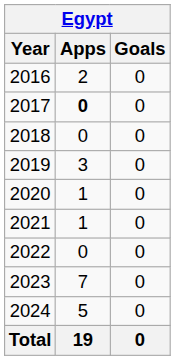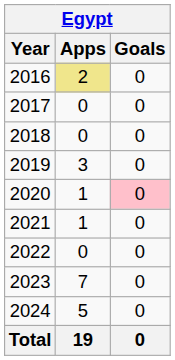 <table class="wikitable" style="text-align:center">
 <tr>
 <th colspan=3><a href='#'>Egypt</a></th>
 </tr>
 <tr>
 <th>Year</th>
 <th>Apps</th>
 <th>Goals</th>
 </tr>
 <tr>
 <td>2016</td>
-<td>2</td>
+<td style="background: khaki;">2</td>
 <td>0</td>
 </tr>
 <tr>
 <td>2017</td>
-<td><strong>0</strong></td>
+<td>0</td>
 <td>0</td>
 </tr>
 <tr>
 <td>2018</td>
 <td>0</td>
 <td>0</td>
 </tr>
 <tr>
 <td>2019</td>
 <td>3</td>
 <td>0</td>
 </tr>
 <tr>
 <td>2020</td>
 <td>1</td>
-<td>0</td>
+<td style="background: pink;">0</td>
 </tr>
 <tr>
 <td>2021</td>
 <td>1</td>
 <td>0</td>
 </tr>
 <tr>
 <td>2022</td>
 <td>0</td>
 <td>0</td>
 </tr>
 <tr>
 <td>2023</td>
 <td>7</td>
 <td>0</td>
 </tr>
 <tr>
 <td>2024</td>
 <td>5</td>
 <td>0</td>
 </tr>
 <tr>
 <th>Total</th>
 <th>19</th>
 <th>0</th>
 </tr>
 </table>
